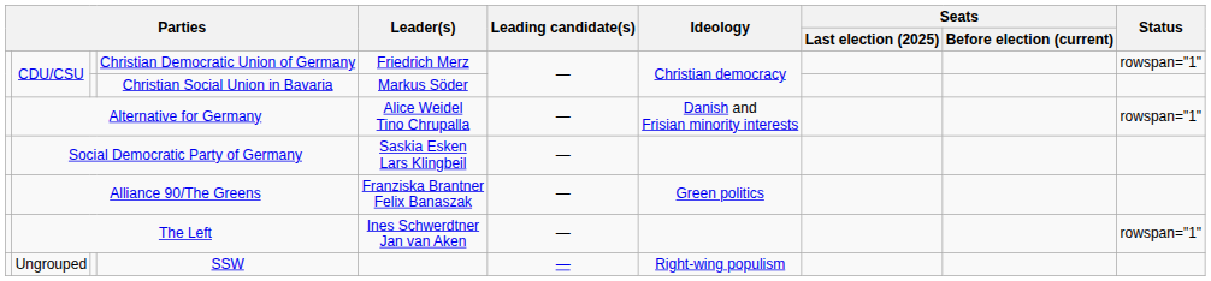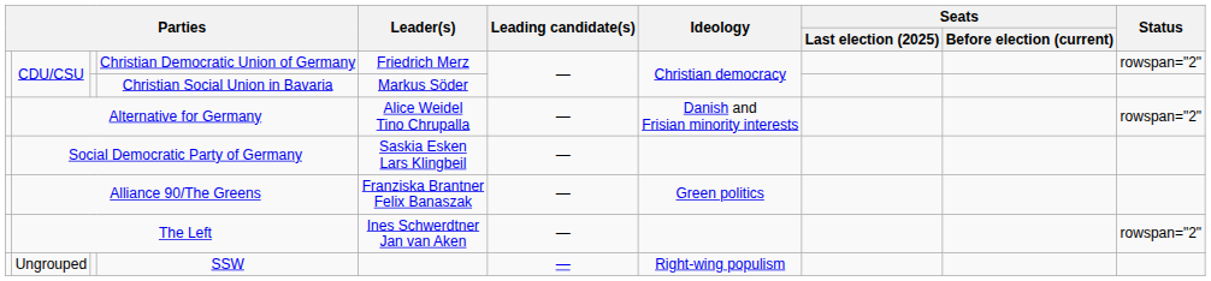 <table class="wikitable" style="text-align:center">
 <tr>
 <th colspan="4" rowspan="2">Parties</th>
 <th rowspan="2">Leader(s)</th>
 <th rowspan="2">Leading candidate(s)</th>
 <th rowspan="2">Ideology</th>
 <th colspan="2">Seats</th>
 <th rowspan="2">Status</th>
 </tr>
 <tr>
 <th>Last election (2025)</th>
 <th>Before election (current)</th>
 </tr>
 <tr>
 <td rowspan="2" style="background:"></td>
 <td rowspan="2"><a href='#'>CDU/CSU</a></td>
 <td style="background:"></td>
 <td><a href='#'>Christian Democratic Union of Germany</a><br></td>
 <td><a href='#'>Friedrich Merz</a></td>
 <td rowspan="2">—</td>
 <td rowspan="2"><a href='#'>Christian democracy</a></td>
 <td></td>
 <td></td>
-<td>rowspan="1" </td>
+<td>rowspan="2" </td>
 </tr>
 <tr>
 <td style="background:"></td>
 <td><a href='#'>Christian Social Union in Bavaria</a><br></td>
 <td><a href='#'>Markus Söder</a></td>
 <td></td>
 <td></td>
 </tr>
 <tr>
 <td style="background:"></td>
 <td colspan="3"><a href='#'>Alternative for Germany</a><br></td>
 <td><a href='#'>Alice Weidel</a><br><a href='#'>Tino Chrupalla</a></td>
 <td>—</td>
 <td><a href='#'>Danish</a> and<br><a href='#'>Frisian minority interests</a></td>
 <td></td>
 <td></td>
-<td>rowspan="1" </td>
+<td>rowspan="2" </td>
 </tr>
 <tr>
 <td style="background:"></td>
 <td colspan="3"><a href='#'>Social Democratic Party of Germany</a><br></td>
 <td><a href='#'>Saskia Esken</a><br><a href='#'>Lars Klingbeil</a></td>
 <td>—</td>
 <td></td>
 <td></td>
 <td></td>
 <td></td>
 </tr>
 <tr>
 <td style="background:"></td>
 <td colspan="3"><a href='#'>Alliance 90/The Greens</a><br></td>
 <td><a href='#'>Franziska Brantner</a><br><a href='#'>Felix Banaszak</a></td>
 <td>—</td>
 <td><a href='#'>Green politics</a></td>
 <td></td>
 <td></td>
 <td></td>
 </tr>
 <tr>
 <td style="background:"></td>
 <td colspan="3"><a href='#'>The Left</a><br></td>
 <td><a href='#'>Ines Schwerdtner</a><br><a href='#'>Jan van Aken</a></td>
 <td>—</td>
 <td></td>
 <td></td>
 <td></td>
-<td>rowspan="1" </td>
+<td>rowspan="2" </td>
 </tr>
 <tr>
 <td style="background:"></td>
 <td>Ungrouped</td>
 <td style="background:"></td>
 <td><a href='#'>SSW</a></td>
 <td></td>
 <td><a href='#'>—</a></td>
 <td><a href='#'>Right-wing populism</a></td>
 <td></td>
 <td></td>
 </tr>
 </table>
